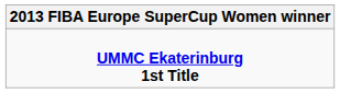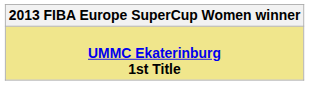 <table class=wikitable style="text-align:center; margin:auto">
 <tr>
 <th>2013 FIBA Europe SuperCup Women winner</th>
 </tr>
 <tr>
-<td><br> <strong><a href='#'>UMMC Ekaterinburg</a></strong> <br> <strong>1st Title</strong></td>
+<td style="background: khaki;"><br> <strong><a href='#'>UMMC Ekaterinburg</a></strong> <br> <strong>1st Title</strong></td>
 </tr>
 </table>
